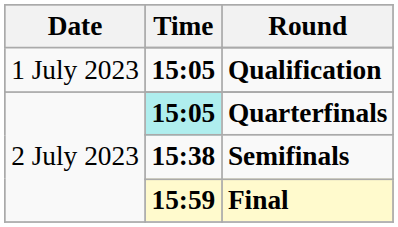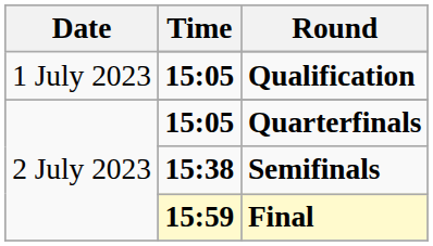 <table class="wikitable">
 <tr>
 <th>Date</th>
 <th>Time</th>
 <th>Round</th>
 </tr>
 <tr>
 <td rowspan=2>1 July 2023</td>
 </tr>
 <tr>
 <td><strong>15:05</strong></td>
 <td><strong>Qualification</strong></td>
 </tr>
 <tr>
 <td rowspan=4>2 July 2023</td>
 </tr>
 <tr>
-<td style="background: paleturquoise;"><strong>15:05</strong></td>
+<td><strong>15:05</strong></td>
 <td><strong>Quarterfinals</strong></td>
 </tr>
 <tr>
 <td><strong>15:38</strong></td>
 <td><strong>Semifinals</strong></td>
 </tr>
 <tr style=background:lemonchiffon>
 <td><strong>15:59</strong></td>
 <td><strong>Final</strong></td>
 </tr>
 </table>
